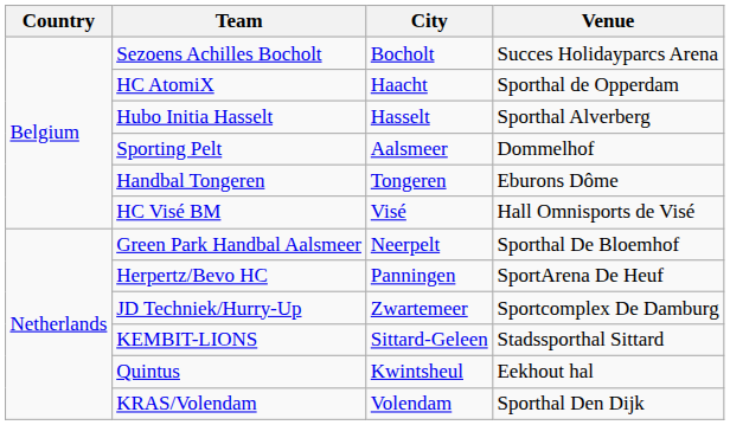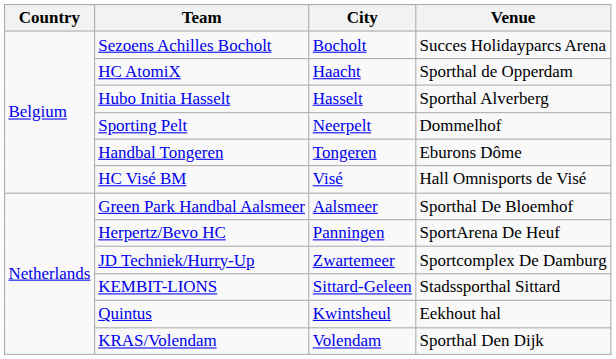 <table class="wikitable">
 <tr>
 <th>Country</th>
 <th>Team</th>
 <th>City</th>
 <th>Venue</th>
 </tr>
 <tr>
 <td rowspan="6"> <a href='#'>Belgium</a></td>
 <td><a href='#'>Sezoens Achilles Bocholt</a></td>
 <td><a href='#'>Bocholt</a></td>
 <td>Succes Holidayparcs Arena</td>
 </tr>
 <tr>
 <td><a href='#'>HC AtomiX</a></td>
 <td><a href='#'>Haacht</a></td>
 <td>Sporthal de Opperdam</td>
 </tr>
 <tr>
 <td><a href='#'>Hubo Initia Hasselt</a></td>
 <td><a href='#'>Hasselt</a></td>
 <td>Sporthal Alverberg</td>
 </tr>
 <tr>
 <td><a href='#'>Sporting Pelt</a></td>
-<td><a href='#'>Aalsmeer</a></td>
+<td><a href='#'>Neerpelt</a></td>
 <td>Dommelhof</td>
 </tr>
 <tr>
 <td><a href='#'>Handbal Tongeren</a></td>
 <td><a href='#'>Tongeren</a></td>
 <td>Eburons Dôme</td>
 </tr>
 <tr>
 <td><a href='#'>HC Visé BM</a></td>
 <td><a href='#'>Visé</a></td>
 <td>Hall Omnisports de Visé</td>
 </tr>
 <tr>
 <td rowspan="6"> <a href='#'>Netherlands</a></td>
 <td><a href='#'>Green Park Handbal Aalsmeer</a></td>
-<td><a href='#'>Neerpelt</a></td>
+<td><a href='#'>Aalsmeer</a></td>
 <td>Sporthal De Bloemhof</td>
 </tr>
 <tr>
 <td><a href='#'>Herpertz/Bevo HC</a></td>
 <td><a href='#'>Panningen</a></td>
 <td>SportArena De Heuf</td>
 </tr>
 <tr>
 <td><a href='#'>JD Techniek/Hurry-Up</a></td>
 <td><a href='#'>Zwartemeer</a></td>
 <td>Sportcomplex De Damburg</td>
 </tr>
 <tr>
 <td><a href='#'>KEMBIT-LIONS</a></td>
 <td><a href='#'>Sittard-Geleen</a></td>
 <td>Stadssporthal Sittard</td>
 </tr>
 <tr>
 <td><a href='#'>Quintus</a></td>
 <td><a href='#'>Kwintsheul</a></td>
 <td>Eekhout hal</td>
 </tr>
 <tr>
 <td><a href='#'>KRAS/Volendam</a></td>
 <td><a href='#'>Volendam</a></td>
 <td>Sporthal Den Dijk</td>
 </tr>
 </table>
